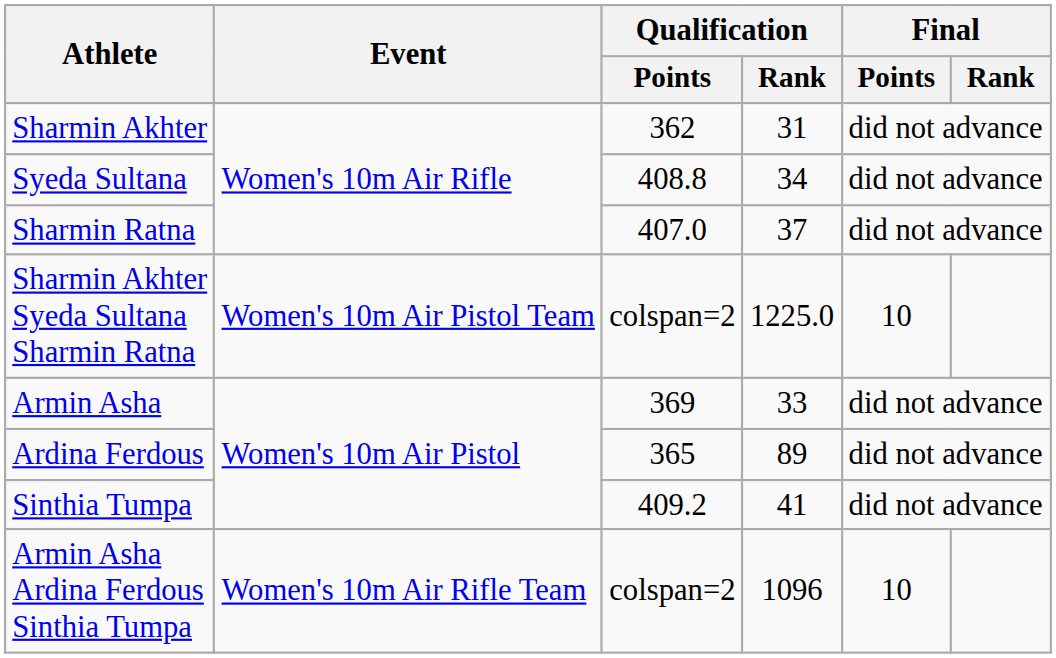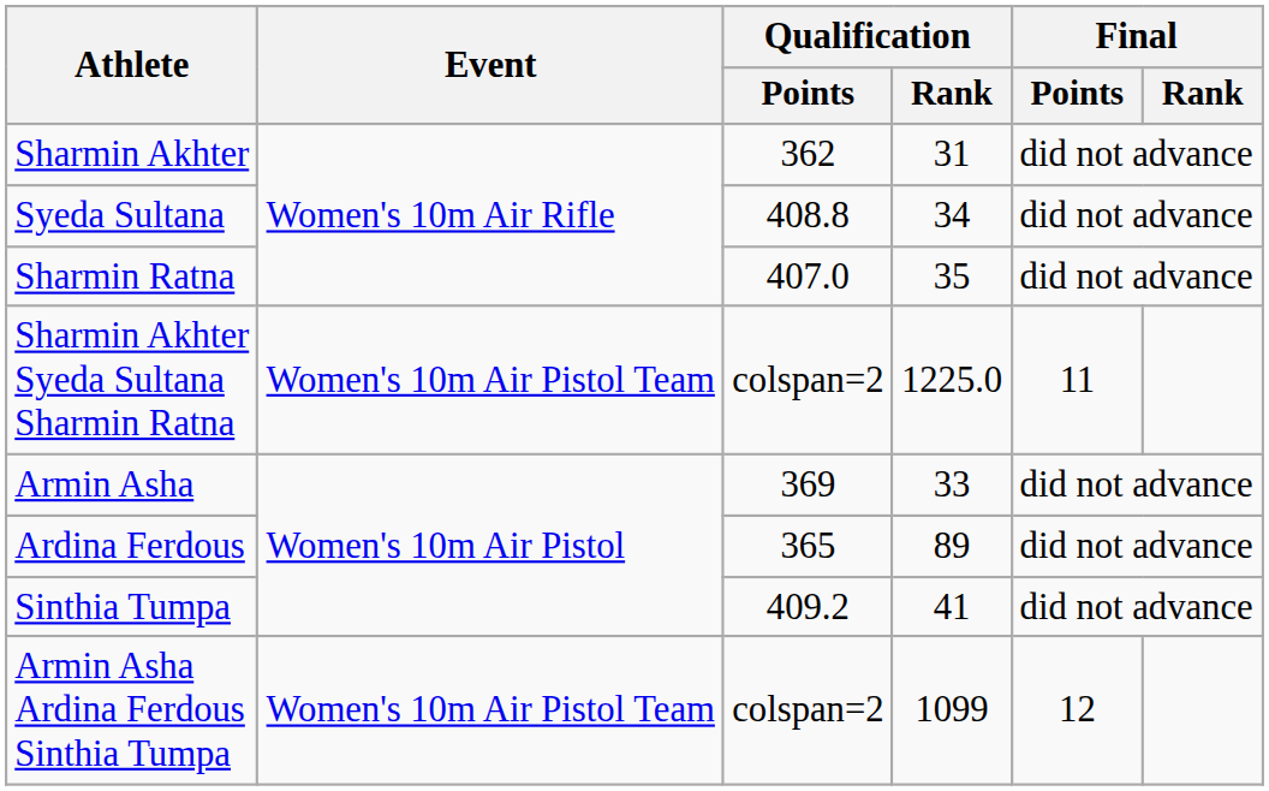 <table class="wikitable" style="font-size:90%;">
 <tr>
 <th rowspan=2>Athlete</th>
 <th rowspan=2>Event</th>
 <th colspan=2>Qualification</th>
 <th colspan=2>Final</th>
 </tr>
 <tr style="font-size:95%">
 <th>Points</th>
 <th>Rank</th>
 <th>Points</th>
 <th>Rank</th>
 </tr>
 <tr align=center>
 <td align=left><a href='#'>Sharmin Akhter</a></td>
 <td align=left rowspan=3><a href='#'>Women's 10m Air Rifle</a></td>
 <td>362</td>
 <td>31</td>
 <td colspan=2>did not advance</td>
 </tr>
 <tr align=center>
 <td align=left><a href='#'>Syeda Sultana</a></td>
 <td>408.8</td>
 <td>34</td>
 <td colspan=2>did not advance</td>
 </tr>
 <tr align=center>
 <td align=left><a href='#'>Sharmin Ratna</a></td>
 <td>407.0</td>
-<td>37</td>
+<td>35</td>
 <td colspan=2>did not advance</td>
 </tr>
 <tr align=center>
 <td align=left><a href='#'>Sharmin Akhter</a> <br> <a href='#'>Syeda Sultana</a> <br> <a href='#'>Sharmin Ratna</a></td>
 <td align=left><a href='#'>Women's 10m Air Pistol Team</a></td>
 <td>colspan=2 </td>
 <td>1225.0</td>
-<td>10</td>
+<td>11</td>
 </tr>
 <tr align=center>
 <td align=left><a href='#'>Armin Asha</a></td>
 <td align=left rowspan=3><a href='#'>Women's 10m Air Pistol</a></td>
 <td>369</td>
 <td>33</td>
 <td colspan=2>did not advance</td>
 </tr>
 <tr align=center>
 <td align=left><a href='#'>Ardina Ferdous</a></td>
 <td>365</td>
 <td>89</td>
 <td colspan=2>did not advance</td>
 </tr>
 <tr align=center>
 <td align=left><a href='#'>Sinthia Tumpa</a></td>
 <td>409.2</td>
 <td>41</td>
 <td colspan=2>did not advance</td>
 </tr>
 <tr align=center>
 <td align=left><a href='#'>Armin Asha</a> <br> <a href='#'>Ardina Ferdous</a> <br> <a href='#'>Sinthia Tumpa</a></td>
-<td align=left><a href='#'>Women's 10m Air Rifle Team</a></td>
+<td align=left><a href='#'>Women's 10m Air Pistol Team</a></td>
 <td>colspan=2 </td>
-<td>1096</td>
-<td>10</td>
+<td>1099</td>
+<td>12</td>
 </tr>
 </table>
